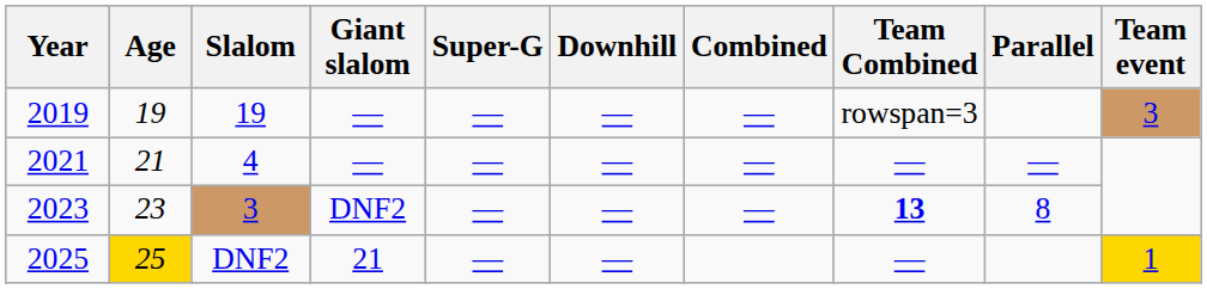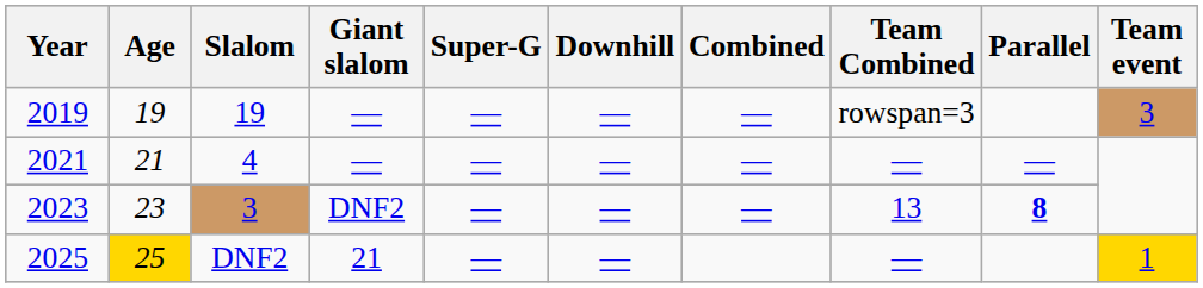 <table class=wikitable style="text-align:center">
 <tr>
 <th>  Year  </th>
 <th> Age </th>
 <th> Slalom </th>
 <th> Giant <br> slalom </th>
 <th>Super-G</th>
 <th>Downhill</th>
 <th>Combined</th>
 <th>Team<br>Combined</th>
 <th>Parallel</th>
 <th>Team<br> event </th>
 </tr>
 <tr>
 <td><a href='#'>2019</a></td>
 <td><em>19</em></td>
 <td><a href='#'>19</a></td>
 <td><a href='#'>—</a></td>
 <td><a href='#'>—</a></td>
 <td><a href='#'>—</a></td>
 <td><a href='#'>—</a></td>
 <td>rowspan=3</td>
 <td></td>
 <td style="background:#cc9966;"><a href='#'>3</a></td>
 </tr>
 <tr>
 <td><a href='#'>2021</a></td>
 <td><em>21</em></td>
 <td><a href='#'>4</a></td>
 <td><a href='#'>—</a></td>
 <td><a href='#'>—</a></td>
 <td><a href='#'>—</a></td>
 <td><a href='#'>—</a></td>
 <td><a href='#'>—</a></td>
 <td><a href='#'>—</a></td>
 </tr>
 <tr>
 <td><a href='#'>2023</a></td>
 <td><em>23</em></td>
 <td style="background:#cc9966;"><a href='#'>3</a></td>
 <td><a href='#'>DNF2</a></td>
 <td><a href='#'>—</a></td>
 <td><a href='#'>—</a></td>
 <td><a href='#'>—</a></td>
-<td><strong><a href='#'>13</a></strong></td>
-<td><a href='#'>8</a></td>
+<td><a href='#'>13</a></td>
+<td><strong><a href='#'>8</a></strong></td>
 </tr>
 <tr>
 <td><a href='#'>2025</a></td>
 <td style="background: gold;"><em>25</em></td>
 <td><a href='#'>DNF2</a></td>
 <td><a href='#'>21</a></td>
 <td><a href='#'>—</a></td>
 <td><a href='#'>—</a></td>
 <td></td>
 <td><a href='#'>—</a></td>
 <td></td>
 <td style="background:gold;"><a href='#'>1</a></td>
 </tr>
 </table>
